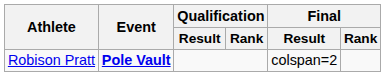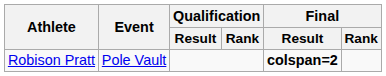 <table class=wikitable style=font-size:90%;text-align:center>
 <tr>
 <th rowspan=2>Athlete</th>
 <th rowspan=2>Event</th>
 <th colspan=2>Qualification</th>
 <th colspan=2>Final</th>
 </tr>
 <tr style=font-size:95%>
 <th>Result</th>
 <th>Rank</th>
 <th>Result</th>
 <th>Rank</th>
 </tr>
 <tr>
 <td align=left><a href='#'>Robison Pratt</a></td>
-<td align=left><strong><a href='#'>Pole Vault</a></strong></td>
+<td align=left><a href='#'>Pole Vault</a></td>
 <td colspan=2></td>
-<td>colspan=2 </td>
+<td><strong>colspan=2 </strong></td>
 </tr>
 </table>
